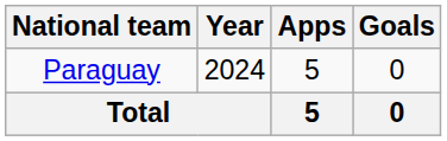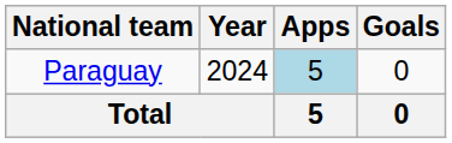 <table class="wikitable" style="text-align:center">
 <tr>
 <th>National team</th>
 <th>Year</th>
 <th>Apps</th>
 <th>Goals</th>
 </tr>
 <tr>
 <td><a href='#'>Paraguay</a></td>
 <td>2024</td>
-<td>5</td>
+<td style="background: lightblue;">5</td>
 <td>0</td>
 </tr>
 <tr>
 <th colspan="2">Total</th>
 <th>5</th>
 <th>0</th>
 </tr>
 </table>
